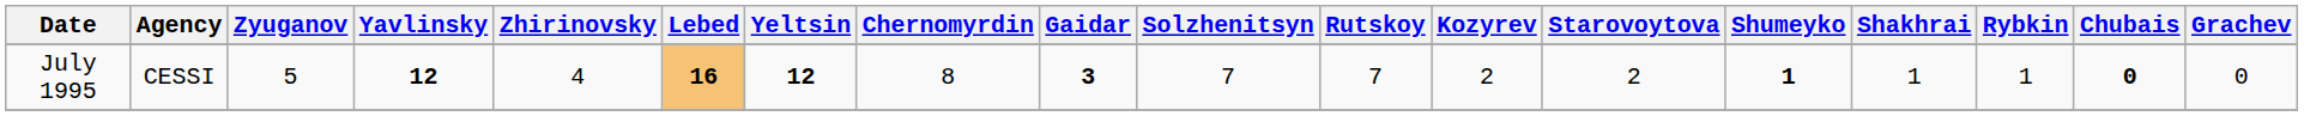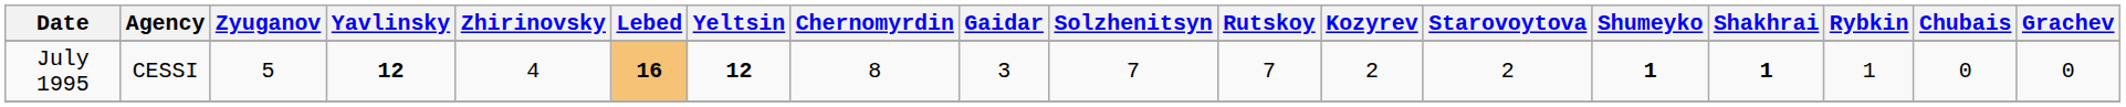 <table class=wikitable style=text-align:center>
 <tr>
 <th>Date</th>
 <th>Agency</th>
 <th><a href='#'>Zyuganov</a></th>
 <th><a href='#'>Yavlinsky</a></th>
 <th><a href='#'>Zhirinovsky</a></th>
 <th><a href='#'>Lebed</a></th>
 <th><a href='#'>Yeltsin</a></th>
 <th><a href='#'>Chernomyrdin</a></th>
 <th><a href='#'>Gaidar</a></th>
 <th><a href='#'>Solzhenitsyn</a></th>
 <th><a href='#'>Rutskoy</a></th>
 <th><a href='#'>Kozyrev</a></th>
 <th><a href='#'>Starovoytova</a></th>
 <th><a href='#'>Shumeyko</a></th>
 <th><a href='#'>Shakhrai</a></th>
 <th><a href='#'>Rybkin</a></th>
 <th><a href='#'>Chubais</a></th>
 <th><a href='#'>Grachev</a></th>
 </tr>
 <tr>
 </tr>
 <tr>
 <td>July 1995</td>
 <td>CESSI</td>
 <td>5</td>
 <td><strong>12</strong></td>
 <td>4</td>
 <td style="background:#f5c276"><strong>16</strong></td>
 <td><strong>12</strong></td>
 <td>8</td>
-<td><strong>3</strong></td>
+<td>3</td>
 <td>7</td>
 <td>7</td>
 <td>2</td>
 <td>2</td>
 <td><strong>1</strong></td>
+<td><strong>1</strong></td>
 <td>1</td>
-<td>1</td>
-<td><strong>0</strong></td>
+<td>0</td>
 <td>0</td>
 </tr>
 <tr>
 </tr>
 </table>
